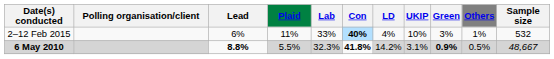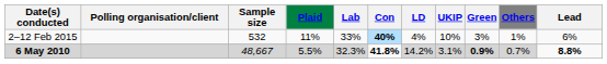 <table class="wikitable sortable" style="text-align:center;font-size:90%;line-height:14px">
 <tr>
 <th ! style="width:100px;">Date(s)<br>conducted</th>
 <th style="width:200px;">Polling organisation/client</th>
-<th class="unsortable" style="width:85px;">Lead</th>
+<th class="unsortable" style="width:75px;">Sample size</th>
 <th class="unsortable" style="background:#008142; width:60px;"><a href='#'><span>Plaid</span></a></th>
 <th class="unsortable" style="background:"><a href='#'><span>Lab</span></a></th>
 <th class="unsortable" style="background:"><a href='#'><span>Con</span></a></th>
 <th class="unsortable" style="background:"><a href='#'><span>LD</span></a></th>
 <th class="unsortable" style="background:"><a href='#'><span>UKIP</span></a></th>
 <th class="unsortable" style="background:"><a href='#'><span>Green</span></a></th>
 <th class="unsortable" style="background:gray; width:60x;"><a href='#'><span>Others</span></a></th>
-<th class="unsortable" style="width:75px;">Sample size</th>
+<th class="unsortable" style="width:85px;">Lead</th>
 </tr>
 <tr>
 <td>2–12 Feb 2015</td>
 <td></td>
-<td style="background:">6%</td>
+<td>532</td>
 <td>11%</td>
 <td>33%</td>
 <td style="background:#B3E0FF"><strong>40%</strong></td>
 <td>4%</td>
 <td>10%</td>
 <td>3%</td>
 <td>1%</td>
-<td>532</td>
+<td style="background:">6%</td>
 </tr>
 <tr>
 <td style="background:#D5D5D5"><strong>6 May 2010</strong></td>
 <td style="background:#D5D5D5"></td>
-<td style="background:"><strong>8.8% </strong></td>
+<td style="background:#D5D5D5"><em>48,667</em></td>
 <td style="background:#D5D5D5">5.5%</td>
 <td style="background:#D5D5D5">32.3%</td>
 <td style="background:"><strong>41.8%</strong></td>
 <td style="background:#D5D5D5">14.2%</td>
 <td style="background:#D5D5D5">3.1%</td>
 <td style="background:#D5D5D5"><strong>0.9%</strong></td>
-<td style="background:#D5D5D5">0.5%</td>
-<td style="background:#D5D5D5"><em>48,667</em></td>
+<td style="background:#D5D5D5">0.7%</td>
+<td style="background:"><strong>8.8% </strong></td>
 </tr>
 </table>
